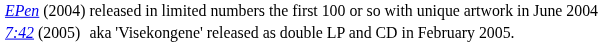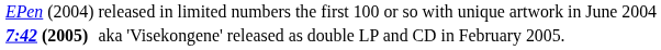 <table>
 <tr>
 <td><em><a href='#'>EPen</a></em> (2004)</td>
 <td>released in limited numbers the first 100 or so with unique artwork in June 2004</td>
 </tr>
 <tr -->
-<td><em><a href='#'>7:42</a></em> (2005)</td>
+<td><strong><em><a href='#'>7:42</a></em> (2005)</strong></td>
 <td>aka 'Visekongene' released as double LP and CD in February 2005.</td>
 </tr>
 <tr -->
 </tr>
 </table>
